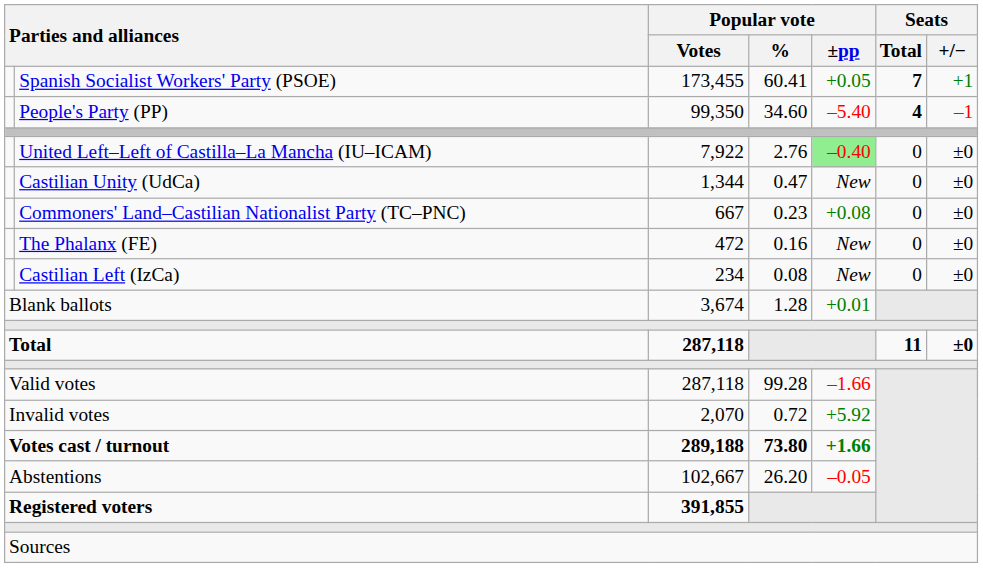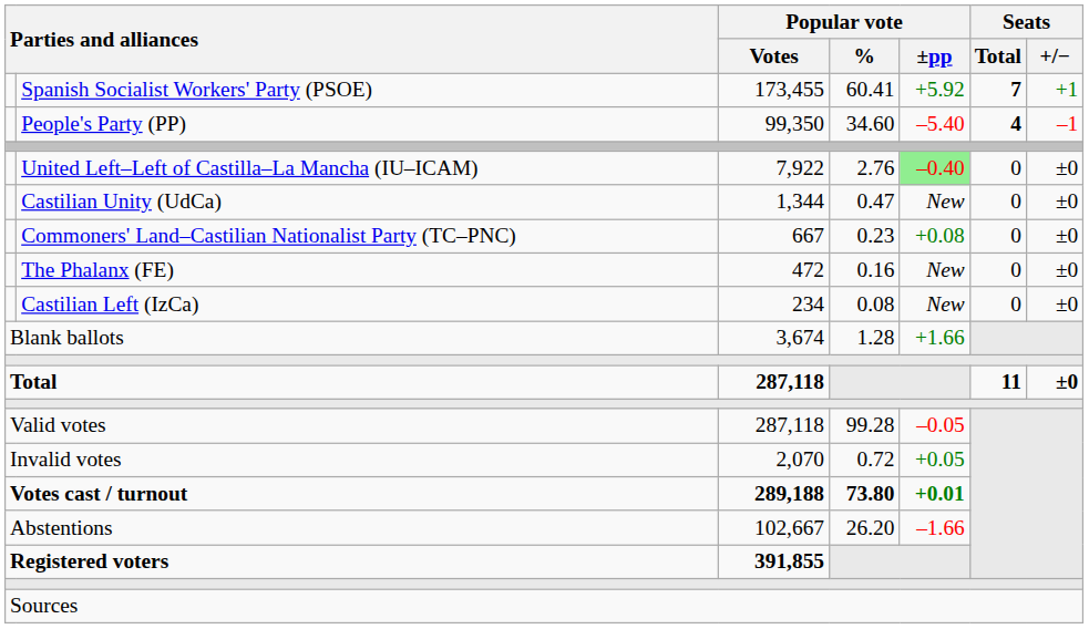 <table class="wikitable" style="text-align:right;">
 <tr>
 <th style="text-align:left;" rowspan="2" colspan="2" width="525">Parties and alliances</th>
 <th colspan="3">Popular vote</th>
 <th colspan="2">Seats</th>
 </tr>
 <tr>
 <th width="75">Votes</th>
 <th width="45">%</th>
 <th width="45">±<a href='#'>pp</a></th>
 <th width="35">Total</th>
 <th width="35">+/−</th>
 </tr>
 <tr>
 <td width="1" style="color:inherit;background:"></td>
 <td align="left"><a href='#'>Spanish Socialist Workers' Party</a> (PSOE)</td>
 <td>173,455</td>
 <td>60.41</td>
-<td style="color:green;">+0.05</td>
+<td style="color:green;">+5.92</td>
 <td><strong>7</strong></td>
 <td style="color:green;">+1</td>
 </tr>
 <tr>
 <td style="color:inherit;background:"></td>
 <td align="left"><a href='#'>People's Party</a> (PP)</td>
 <td>99,350</td>
 <td>34.60</td>
 <td style="color:red;">–5.40</td>
 <td><strong>4</strong></td>
 <td style="color:red;">–1</td>
 </tr>
 <tr>
 <td colspan="7" bgcolor="#C0C0C0"></td>
 </tr>
 <tr>
 <td style="color:inherit;background:"></td>
 <td align="left"><a href='#'>United Left–Left of Castilla–La Mancha</a> (IU–ICAM)</td>
 <td>7,922</td>
 <td>2.76</td>
 <td style="background: lightgreen; color:red;">–0.40</td>
 <td>0</td>
 <td>±0</td>
 </tr>
 <tr>
 <td style="color:inherit;background:"></td>
 <td align="left"><a href='#'>Castilian Unity</a> (UdCa)</td>
 <td>1,344</td>
 <td>0.47</td>
 <td><em>New</em></td>
 <td>0</td>
 <td>±0</td>
 </tr>
 <tr>
 <td style="color:inherit;background:"></td>
 <td align="left"><a href='#'>Commoners' Land–Castilian Nationalist Party</a> (TC–PNC)</td>
 <td>667</td>
 <td>0.23</td>
 <td style="color:green;">+0.08</td>
 <td>0</td>
 <td>±0</td>
 </tr>
 <tr>
 <td style="color:inherit;background:"></td>
 <td align="left"><a href='#'>The Phalanx</a> (FE)</td>
 <td>472</td>
 <td>0.16</td>
 <td><em>New</em></td>
 <td>0</td>
 <td>±0</td>
 </tr>
 <tr>
 <td style="color:inherit;background:"></td>
 <td align="left"><a href='#'>Castilian Left</a> (IzCa)</td>
 <td>234</td>
 <td>0.08</td>
 <td><em>New</em></td>
 <td>0</td>
 <td>±0</td>
 </tr>
 <tr>
 <td align="left" colspan="2">Blank ballots</td>
 <td>3,674</td>
 <td>1.28</td>
-<td style="color:green;">+0.01</td>
+<td style="color:green;">+1.66</td>
 <td bgcolor="#E9E9E9" colspan="2"></td>
 </tr>
 <tr>
 <td colspan="7" bgcolor="#E9E9E9"></td>
 </tr>
 <tr style="font-weight:bold;">
 <td align="left" colspan="2">Total</td>
 <td>287,118</td>
 <td bgcolor="#E9E9E9" colspan="2"></td>
 <td>11</td>
 <td>±0</td>
 </tr>
 <tr>
 <td colspan="7" bgcolor="#E9E9E9"></td>
 </tr>
 <tr>
 <td align="left" colspan="2">Valid votes</td>
 <td>287,118</td>
 <td>99.28</td>
-<td style="color:red;">–1.66</td>
+<td style="color:red;">–0.05</td>
 <td bgcolor="#E9E9E9" colspan="2" rowspan="5"></td>
 </tr>
 <tr>
 <td align="left" colspan="2">Invalid votes</td>
 <td>2,070</td>
 <td>0.72</td>
-<td style="color:green;">+5.92</td>
+<td style="color:green;">+0.05</td>
 </tr>
 <tr style="font-weight:bold;">
 <td align="left" colspan="2">Votes cast / turnout</td>
 <td>289,188</td>
 <td>73.80</td>
-<td style="color:green;">+1.66</td>
+<td style="color:green;">+0.01</td>
 </tr>
 <tr>
 <td align="left" colspan="2">Abstentions</td>
 <td>102,667</td>
 <td>26.20</td>
-<td style="color:red;">–0.05</td>
+<td style="color:red;">–1.66</td>
 </tr>
 <tr style="font-weight:bold;">
 <td align="left" colspan="2">Registered voters</td>
 <td>391,855</td>
 <td bgcolor="#E9E9E9" colspan="2"></td>
 </tr>
 <tr>
 <td colspan="7" bgcolor="#E9E9E9"></td>
 </tr>
 <tr>
 <td align="left" colspan="7">Sources</td>
 </tr>
 </table>
